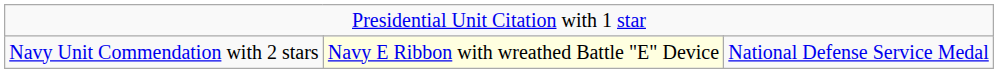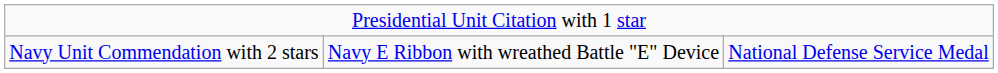 <table class="wikitable" style="margin:1em auto; text-align:center;">
 <tr>
 <td colspan=3><a href='#'>Presidential Unit Citation</a> with 1 <a href='#'>star</a></td>
 </tr>
 <tr>
 <td><a href='#'>Navy Unit Commendation</a> with 2 stars</td>
-<td style="background: lightyellow;"><a href='#'>Navy E Ribbon</a> with wreathed Battle "E" Device</td>
+<td><a href='#'>Navy E Ribbon</a> with wreathed Battle "E" Device</td>
 <td><a href='#'>National Defense Service Medal</a></td>
 </tr>
 </table>
